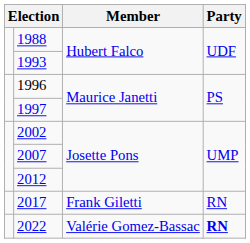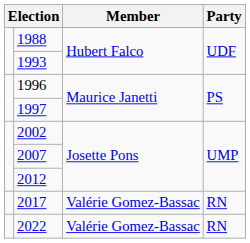 <table class="wikitable">
 <tr>
 <th colspan=2>Election</th>
 <th>Member</th>
 <th>Party</th>
 </tr>
 <tr>
 <td rowspan="2" style="background-color: "></td>
 <td><a href='#'>1988</a></td>
 <td rowspan="2"><a href='#'>Hubert Falco</a></td>
 <td rowspan="2"><a href='#'>UDF</a></td>
 </tr>
 <tr>
 <td><a href='#'>1993</a></td>
 </tr>
 <tr>
 <td rowspan="2" style="background-color: "></td>
 <td>1996</td>
 <td rowspan="2"><a href='#'>Maurice Janetti</a></td>
 <td rowspan="2"><a href='#'>PS</a></td>
 </tr>
 <tr>
 <td><a href='#'>1997</a></td>
 </tr>
 <tr>
 <td rowspan="3" style="background-color: "></td>
 <td><a href='#'>2002</a></td>
 <td rowspan="3"><a href='#'>Josette Pons</a></td>
 <td rowspan="3"><a href='#'>UMP</a></td>
 </tr>
 <tr>
 <td><a href='#'>2007</a></td>
 </tr>
 <tr>
 <td><a href='#'>2012</a></td>
 </tr>
 <tr>
 <td style="background-color: "></td>
 <td><a href='#'>2017</a></td>
-<td><a href='#'>Frank Giletti</a></td>
+<td><a href='#'>Valérie Gomez-Bassac</a></td>
 <td><a href='#'>RN</a></td>
 </tr>
 <tr>
 <td style="background-color: "></td>
 <td><a href='#'>2022</a></td>
 <td><a href='#'>Valérie Gomez-Bassac</a></td>
-<td><strong><a href='#'>RN</a></strong></td>
+<td><a href='#'>RN</a></td>
 </tr>
 </table>
